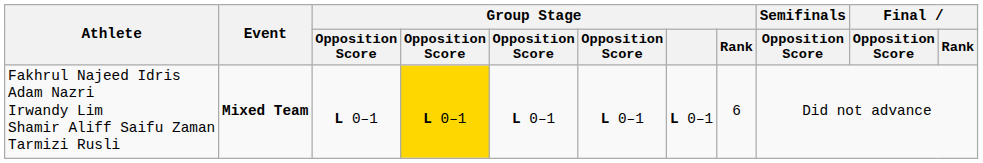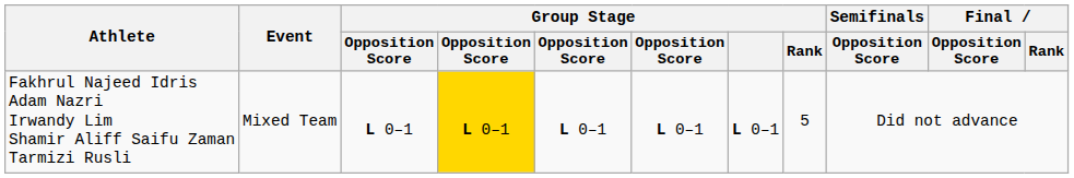 <table class="wikitable" style="font-size:90%">
 <tr>
 <th rowspan="2">Athlete</th>
 <th rowspan="2">Event</th>
 <th colspan="6">Group Stage</th>
 <th>Semifinals</th>
 <th colspan="2">Final / </th>
 </tr>
 <tr style="font-size:95%">
 <th>Opposition<br>Score</th>
 <th>Opposition<br>Score</th>
 <th>Opposition<br>Score</th>
 <th>Opposition<br>Score</th>
 <th></th>
 <th>Rank</th>
 <th>Opposition<br>Score</th>
 <th>Opposition<br>Score</th>
 <th>Rank</th>
 </tr>
 <tr align="center">
 <td align="left">Fakhrul Najeed Idris<br>Adam Nazri<br>Irwandy Lim<br>Shamir Aliff Saifu Zaman<br>Tarmizi Rusli</td>
-<td align="left"><strong>Mixed Team</strong></td>
+<td align="left">Mixed Team</td>
 <td> <br><strong>L</strong> 0–1</td>
 <td style="background: gold;"> <br><strong>L</strong> 0–1</td>
 <td> <br><strong>L</strong> 0–1</td>
 <td> <br><strong>L</strong> 0–1</td>
 <td> <br><strong>L</strong> 0–1</td>
-<td>6</td>
+<td>5</td>
 <td colspan="3">Did not advance</td>
 </tr>
 </table>
